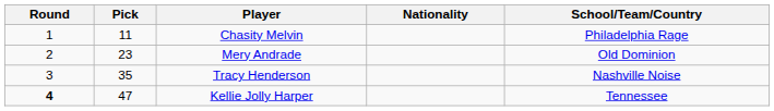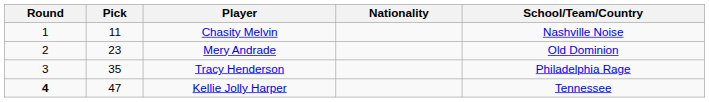 <table class="wikitable" style="text-align:center; width:60em">
 <tr>
 <th>Round</th>
 <th>Pick</th>
 <th>Player</th>
 <th>Nationality</th>
 <th>School/Team/Country</th>
 </tr>
 <tr>
 <td>1</td>
 <td>11</td>
 <td><a href='#'>Chasity Melvin</a></td>
 <td></td>
-<td><a href='#'>Philadelphia Rage</a></td>
+<td><a href='#'>Nashville Noise</a></td>
 </tr>
 <tr>
 <td>2</td>
 <td>23</td>
 <td><a href='#'>Mery Andrade</a></td>
 <td></td>
 <td><a href='#'>Old Dominion</a></td>
 </tr>
 <tr>
 <td>3</td>
 <td>35</td>
 <td><a href='#'>Tracy Henderson</a></td>
 <td></td>
-<td><a href='#'>Nashville Noise</a></td>
+<td><a href='#'>Philadelphia Rage</a></td>
 </tr>
 <tr>
 <td><strong>4</strong></td>
 <td>47</td>
 <td><a href='#'>Kellie Jolly Harper</a></td>
 <td></td>
 <td><a href='#'>Tennessee</a></td>
 </tr>
 </table>
